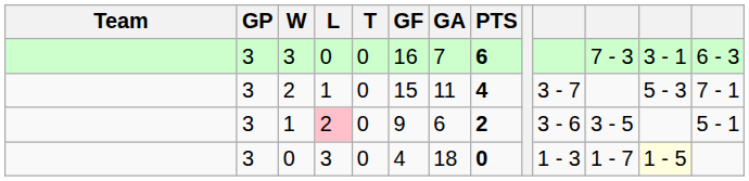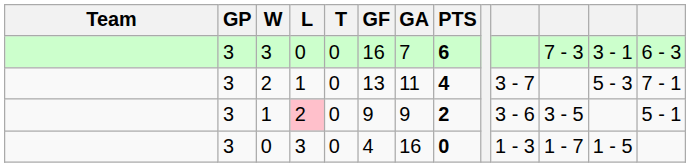 <table class="wikitable">
 <tr>
 <th width=165>Team</th>
 <th width=20>GP</th>
 <th width=20>W</th>
 <th width=20>L</th>
 <th width=20>T</th>
 <th width=20>GF</th>
 <th width=20>GA</th>
 <th width=20>PTS</th>
 <th rowspan=10></th>
 <th></th>
 <th></th>
 <th></th>
 <th></th>
 </tr>
 <tr bgcolor="#ccffcc">
 <td style="text-align:left;"></td>
 <td>3</td>
 <td>3</td>
 <td>0</td>
 <td>0</td>
 <td>16</td>
 <td>7</td>
 <td><strong>6</strong></td>
 <td></td>
 <td>7 - 3</td>
 <td>3 - 1</td>
 <td>6 - 3</td>
 </tr>
 <tr>
 <td style="text-align:left;"></td>
 <td>3</td>
 <td>2</td>
 <td>1</td>
 <td>0</td>
-<td>15</td>
+<td>13</td>
 <td>11</td>
 <td><strong>4</strong></td>
 <td>3 - 7</td>
 <td></td>
 <td>5 - 3</td>
 <td>7 - 1</td>
 </tr>
 <tr>
 <td style="text-align:left;"></td>
 <td>3</td>
 <td>1</td>
 <td style="background: pink;">2</td>
 <td>0</td>
 <td>9</td>
-<td>6</td>
+<td>9</td>
 <td><strong>2</strong></td>
 <td>3 - 6</td>
 <td>3 - 5</td>
 <td></td>
 <td>5 - 1</td>
 </tr>
 <tr>
 <td style="text-align:left;"></td>
 <td>3</td>
 <td>0</td>
 <td>3</td>
 <td>0</td>
 <td>4</td>
-<td>18</td>
+<td>16</td>
 <td><strong>0</strong></td>
 <td>1 - 3</td>
 <td>1 - 7</td>
-<td style="background: lightyellow;">1 - 5</td>
+<td>1 - 5</td>
 <td></td>
 </tr>
 </table>
